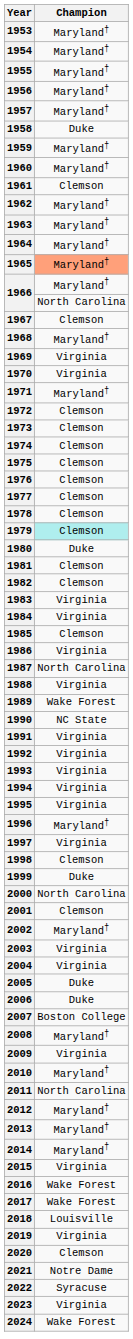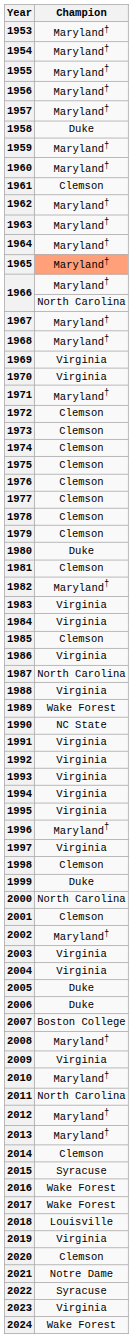 <table class="wikitable" style="text-align: center;">
 <tr>
 <th>Year</th>
 <th>Champion</th>
 </tr>
 <tr>
 <th>1953</th>
 <td>Maryland<sup>†</sup></td>
 </tr>
 <tr>
 <th>1954</th>
 <td>Maryland<sup>†</sup></td>
 </tr>
 <tr>
 <th>1955</th>
 <td>Maryland<sup>†</sup></td>
 </tr>
 <tr>
 <th>1956</th>
 <td>Maryland<sup>†</sup></td>
 </tr>
 <tr>
 <th>1957</th>
 <td>Maryland<sup>†</sup></td>
 </tr>
 <tr>
 <th>1958</th>
 <td>Duke</td>
 </tr>
 <tr>
 <th>1959</th>
 <td>Maryland<sup>†</sup></td>
 </tr>
 <tr>
 <th>1960</th>
 <td>Maryland<sup>†</sup></td>
 </tr>
 <tr>
 <th>1961</th>
 <td>Clemson</td>
 </tr>
 <tr>
 <th>1962</th>
 <td>Maryland<sup>†</sup></td>
 </tr>
 <tr>
 <th>1963</th>
 <td>Maryland<sup>†</sup></td>
 </tr>
 <tr>
 <th>1964</th>
 <td>Maryland<sup>†</sup></td>
 </tr>
 <tr>
 <th>1965</th>
 <td style="background: lightsalmon;">Maryland<sup>†</sup></td>
 </tr>
 <tr>
 <th rowspan="2">1966</th>
 <td>Maryland<sup>†</sup></td>
 </tr>
 <tr>
 <td>North Carolina</td>
 </tr>
 <tr>
 <th>1967</th>
-<td>Clemson</td>
+<td>Maryland<sup>†</sup></td>
 </tr>
 <tr>
 <th>1968</th>
 <td>Maryland<sup>†</sup></td>
 </tr>
 <tr>
 <th>1969</th>
 <td>Virginia</td>
 </tr>
 <tr>
 <th>1970</th>
 <td>Virginia</td>
 </tr>
 <tr>
 <th>1971</th>
 <td>Maryland<sup>†</sup></td>
 </tr>
 <tr>
 <th>1972</th>
 <td>Clemson</td>
 </tr>
 <tr>
 <th>1973</th>
 <td>Clemson</td>
 </tr>
 <tr>
 <th>1974</th>
 <td>Clemson</td>
 </tr>
 <tr>
 <th>1975</th>
 <td>Clemson</td>
 </tr>
 <tr>
 <th>1976</th>
 <td>Clemson</td>
 </tr>
 <tr>
 <th>1977</th>
 <td>Clemson</td>
 </tr>
 <tr>
 <th>1978</th>
 <td>Clemson</td>
 </tr>
 <tr>
 <th>1979</th>
-<td style="background: paleturquoise;">Clemson</td>
+<td>Clemson</td>
 </tr>
 <tr>
 <th>1980</th>
 <td>Duke</td>
 </tr>
 <tr>
 <th>1981</th>
 <td>Clemson</td>
 </tr>
 <tr>
 <th>1982</th>
-<td>Clemson</td>
+<td>Maryland<sup>†</sup></td>
 </tr>
 <tr>
 <th>1983</th>
 <td>Virginia</td>
 </tr>
 <tr>
 <th>1984</th>
 <td>Virginia</td>
 </tr>
 <tr>
 <th>1985</th>
 <td>Clemson</td>
 </tr>
 <tr>
 <th>1986</th>
 <td>Virginia</td>
 </tr>
 <tr>
 <th>1987</th>
 <td>North Carolina</td>
 </tr>
 <tr>
 <th>1988</th>
 <td>Virginia</td>
 </tr>
 <tr>
 <th>1989</th>
 <td>Wake Forest</td>
 </tr>
 <tr>
 <th>1990</th>
 <td>NC State</td>
 </tr>
 <tr>
 <th>1991</th>
 <td>Virginia</td>
 </tr>
 <tr>
 <th>1992</th>
 <td>Virginia</td>
 </tr>
 <tr>
 <th>1993</th>
 <td>Virginia</td>
 </tr>
 <tr>
 <th>1994</th>
 <td>Virginia</td>
 </tr>
 <tr>
 <th>1995</th>
 <td>Virginia</td>
 </tr>
 <tr>
 <th>1996</th>
 <td>Maryland<sup>†</sup></td>
 </tr>
 <tr>
 <th>1997</th>
 <td>Virginia</td>
 </tr>
 <tr>
 <th>1998</th>
 <td>Clemson</td>
 </tr>
 <tr>
 <th>1999</th>
 <td>Duke</td>
 </tr>
 <tr>
 <th>2000</th>
 <td>North Carolina</td>
 </tr>
 <tr>
 <th>2001</th>
 <td>Clemson</td>
 </tr>
 <tr>
 <th>2002</th>
 <td>Maryland<sup>†</sup></td>
 </tr>
 <tr>
 <th>2003</th>
 <td>Virginia</td>
 </tr>
 <tr>
 <th>2004</th>
 <td>Virginia</td>
 </tr>
 <tr>
 <th>2005</th>
 <td>Duke</td>
 </tr>
 <tr>
 <th>2006</th>
 <td>Duke</td>
 </tr>
 <tr>
 <th>2007</th>
 <td>Boston College</td>
 </tr>
 <tr>
 <th>2008</th>
 <td>Maryland<sup>†</sup></td>
 </tr>
 <tr>
 <th>2009</th>
 <td>Virginia</td>
 </tr>
 <tr>
 <th>2010</th>
 <td>Maryland<sup>†</sup></td>
 </tr>
 <tr>
 <th>2011</th>
 <td>North Carolina</td>
 </tr>
 <tr>
 <th>2012</th>
 <td>Maryland<sup>†</sup></td>
 </tr>
 <tr>
 <th>2013</th>
 <td>Maryland<sup>†</sup></td>
 </tr>
 <tr>
 <th>2014</th>
-<td>Maryland<sup>†</sup></td>
+<td>Clemson</td>
 </tr>
 <tr>
 <th>2015</th>
-<td>Virginia</td>
+<td>Syracuse</td>
 </tr>
 <tr>
 <th>2016</th>
 <td>Wake Forest</td>
 </tr>
 <tr>
 <th>2017</th>
 <td>Wake Forest</td>
 </tr>
 <tr>
 <th>2018</th>
 <td>Louisville</td>
 </tr>
 <tr>
 <th>2019</th>
 <td>Virginia</td>
 </tr>
 <tr>
 <th>2020</th>
 <td>Clemson</td>
 </tr>
 <tr>
 <th>2021</th>
 <td>Notre Dame</td>
 </tr>
 <tr>
 <th>2022</th>
 <td>Syracuse</td>
 </tr>
 <tr>
 <th>2023</th>
 <td>Virginia</td>
 </tr>
 <tr>
 <th>2024</th>
 <td>Wake Forest</td>
 </tr>
 </table>
